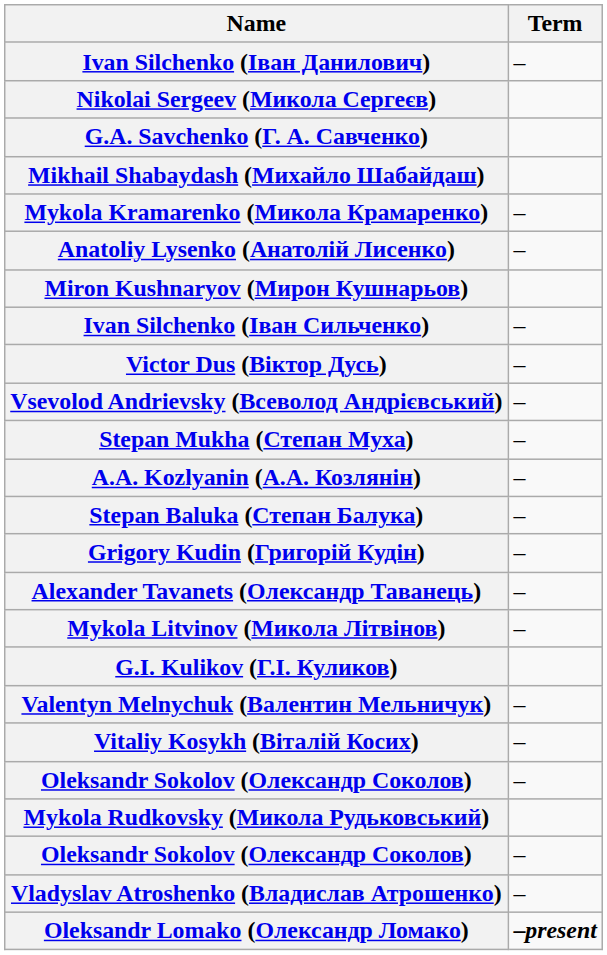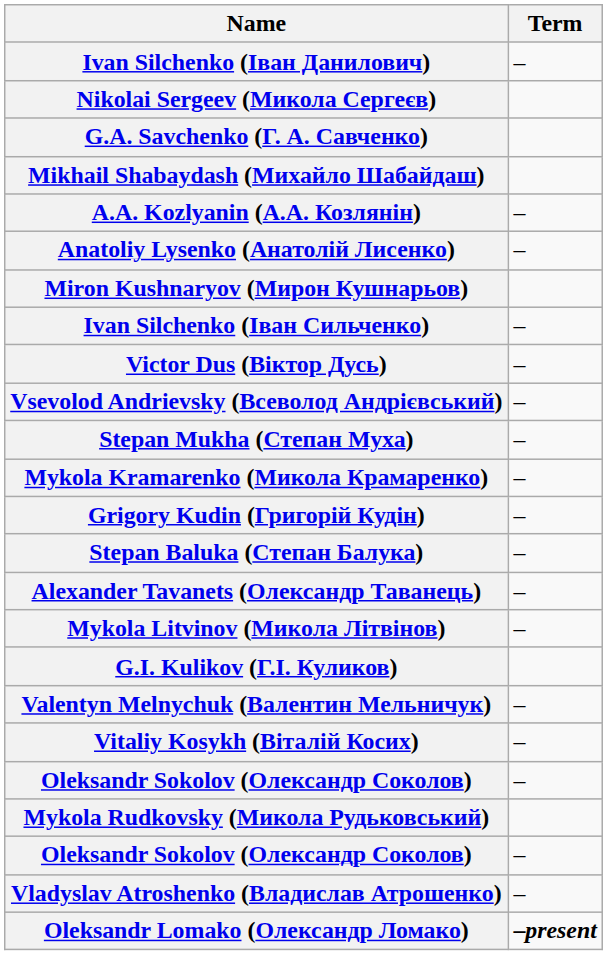 <table class="wikitable sortable" id="Table of mayors">
 <tr>
 <th scope="col">Name</th>
 <th scope="col">Term</th>
 </tr>
 <tr>
 <th scope="row" align="left"><a href='#'>Ivan Silchenko</a> (<a href='#'>Іван Данилович</a>)</th>
 <td>–</td>
 </tr>
 <tr>
 <th scope="row" align="left"><a href='#'>Nikolai Sergeev</a> (<a href='#'>Микола Сергеєв</a>)</th>
 <td></td>
 </tr>
 <tr>
 <th scope="row" align="left"><a href='#'>G.A. Savchenko</a> (<a href='#'>Г. А. Савченко</a>)</th>
 <td></td>
 </tr>
 <tr>
 <th scope="row" align="left"><a href='#'>Mikhail Shabaydash</a> (<a href='#'>Михайло Шабайдаш</a>)</th>
 <td></td>
 </tr>
 <tr>
-<th scope="row" align="left"><a href='#'>Mykola Kramarenko</a> (<a href='#'>Микола Крамаренко</a>)</th>
+<th scope="row" align="left"><a href='#'>A.A. Kozlyanin</a> (<a href='#'>А.А. Козлянін</a>)</th>
 <td>–</td>
 </tr>
 <tr>
 <th scope="row" align="left"><a href='#'>Anatoliy Lysenko</a> (<a href='#'>Анатолій Лисенко</a>)</th>
 <td>–</td>
 </tr>
 <tr>
 <th scope="row" align="left"><a href='#'>Miron Kushnaryov</a> (<a href='#'>Мирон Кушнарьов</a>)</th>
 <td></td>
 </tr>
 <tr>
 <th scope="row" align="left"><a href='#'>Ivan Silchenko</a> (<a href='#'>Іван Сильченко</a>)</th>
 <td>–</td>
 </tr>
 <tr>
 <th scope="row" align="left"><a href='#'>Victor Dus</a> (<a href='#'>Віктор Дусь</a>)</th>
 <td>–</td>
 </tr>
 <tr>
 <th scope="row" align="left"><a href='#'>Vsevolod Andrievsky</a> (<a href='#'>Всеволод Андрієвський</a>)</th>
 <td>–</td>
 </tr>
 <tr>
 <th scope="row" align="left"><a href='#'>Stepan Mukha</a> (<a href='#'>Степан Муха</a>)</th>
 <td>–</td>
 </tr>
 <tr>
-<th scope="row" align="left"><a href='#'>A.A. Kozlyanin</a> (<a href='#'>А.А. Козлянін</a>)</th>
+<th scope="row" align="left"><a href='#'>Mykola Kramarenko</a> (<a href='#'>Микола Крамаренко</a>)</th>
+<td>–</td>
+</tr>
+<tr>
+<th scope="row" align="left"><a href='#'>Grigory Kudin</a> (<a href='#'>Григорій Кудін</a>)</th>
 <td>–</td>
 </tr>
 <tr>
 <th scope="row" align="left"><a href='#'>Stepan Baluka</a> (<a href='#'>Степан Балука</a>)</th>
-<td>–</td>
-</tr>
-<tr>
-<th scope="row" align="left"><a href='#'>Grigory Kudin</a> (<a href='#'>Григорій Кудін</a>)</th>
 <td>–</td>
 </tr>
 <tr>
 <th scope="row" align="left"><a href='#'>Alexander Tavanets</a> (<a href='#'>Олександр Таванець</a>)</th>
 <td>–</td>
 </tr>
 <tr>
 <th scope="row" align="left"><a href='#'>Mykola Litvinov</a> (<a href='#'>Микола Літвінов</a>)</th>
 <td>–</td>
 </tr>
 <tr>
 <th scope="row" align="left"><a href='#'>G.I. Kulikov</a> (<a href='#'>Г.І. Куликов</a>)</th>
 <td></td>
 </tr>
 <tr>
 <th scope="row" align="left"><a href='#'>Valentyn Melnychuk</a> (<a href='#'>Валентин Мельничук</a>)</th>
 <td>–</td>
 </tr>
 <tr>
 <th scope="row" align="left"><a href='#'>Vitaliy Kosykh</a> (<a href='#'>Віталій Косих</a>)</th>
 <td>–</td>
 </tr>
 <tr>
 <th scope="row" align="left"><a href='#'>Oleksandr Sokolov</a> (<a href='#'>Олександр Соколов</a>)</th>
 <td>–</td>
 </tr>
 <tr>
 <th scope="row" align="left"><a href='#'>Mykola Rudkovsky</a> (<a href='#'>Микола Рудьковський</a>)</th>
 <td></td>
 </tr>
 <tr>
 <th scope="row" align="left"><a href='#'>Oleksandr Sokolov</a> (<a href='#'>Олександр Соколов</a>)</th>
 <td>–</td>
 </tr>
 <tr>
 <th scope="row" align="left"><a href='#'>Vladyslav Atroshenko</a> (<a href='#'>Владислав Атрошенко</a>)</th>
 <td>–</td>
 </tr>
 <tr>
 <th scope="row" align="left"><a href='#'>Oleksandr Lomako</a> (<a href='#'>Олександр Ломако</a>)</th>
 <td><strong>–<em>present</em></strong></td>
 </tr>
 </table>
